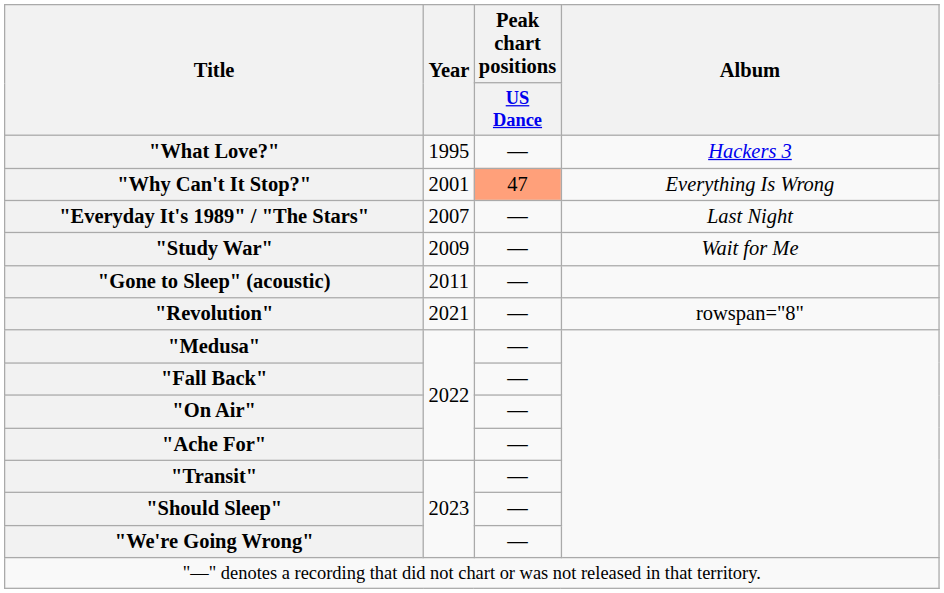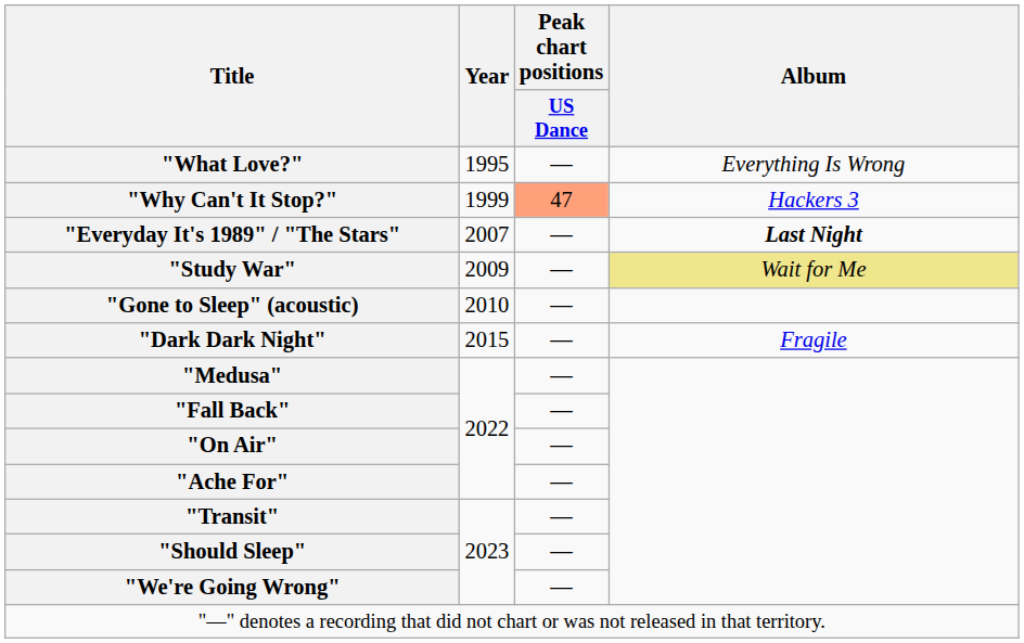 <table class="wikitable plainrowheaders" style="text-align:center;" border="1">
 <tr>
 <th scope="col" rowspan="2" style="width:20em;">Title</th>
 <th scope="col" rowspan="2">Year</th>
 <th scope="col" colspan="1">Peak chart positions</th>
 <th scope="col" rowspan="2" style="width:18em;">Album</th>
 </tr>
 <tr>
 <th scope="col" style="width:2.8em;font-size:90%;"><a href='#'>US<br>Dance</a><br></th>
 </tr>
 <tr>
 <th scope="row">"What Love?"</th>
 <td>1995</td>
 <td>—</td>
-<td><em><a href='#'>Hackers 3</a></em></td>
+<td><em>Everything Is Wrong</em></td>
 </tr>
 <tr>
 <th scope="row">"Why Can't It Stop?"</th>
-<td>2001</td>
+<td>1999</td>
 <td style="background: lightsalmon;">47</td>
-<td><em>Everything Is Wrong</em></td>
+<td><em><a href='#'>Hackers 3</a></em></td>
 </tr>
 <tr>
 <th scope="row">"Everyday It's 1989" / "The Stars"</th>
 <td>2007</td>
 <td>—</td>
-<td><em>Last Night</em></td>
+<td><strong><em>Last Night</em></strong></td>
 </tr>
 <tr>
 <th scope="row">"Study War"</th>
 <td>2009</td>
 <td>—</td>
-<td><em>Wait for Me</em></td>
+<td style="background: khaki;"><em>Wait for Me</em></td>
 </tr>
 <tr>
 <th scope="row">"Gone to Sleep" (acoustic)</th>
-<td>2011</td>
+<td>2010</td>
 <td>—</td>
 <td></td>
 </tr>
 <tr>
-<th scope="row">"Revolution" <br></th>
-<td>2021</td>
+<th scope="row">"Dark Dark Night"<br></th>
+<td>2015</td>
 <td>—</td>
-<td>rowspan="8" </td>
+<td><em><a href='#'>Fragile</a></em></td>
 </tr>
 <tr>
 <th scope="row">"Medusa"<br></th>
 <td rowspan="4">2022</td>
 <td>—</td>
 </tr>
 <tr>
 <th scope="row">"Fall Back"<br></th>
 <td>—</td>
 </tr>
 <tr>
 <th scope="row">"On Air"<br></th>
 <td>—</td>
 </tr>
 <tr>
 <th scope="row">"Ache For"<br></th>
 <td>—</td>
 </tr>
 <tr>
 <th scope="row">"Transit" <br></th>
 <td rowspan="3">2023</td>
 <td>—</td>
 </tr>
 <tr>
 <th scope="row">"Should Sleep" <br></th>
 <td>—</td>
 </tr>
 <tr>
 <th scope="row">"We're Going Wrong" <br></th>
 <td>—</td>
 </tr>
 <tr>
 <td colspan="4" style="font-size:90%">"—" denotes a recording that did not chart or was not released in that territory.</td>
 </tr>
 </table>
